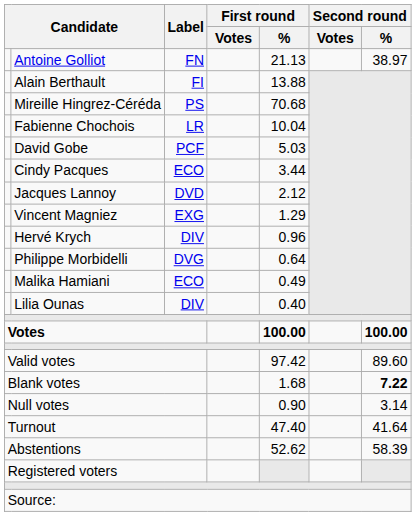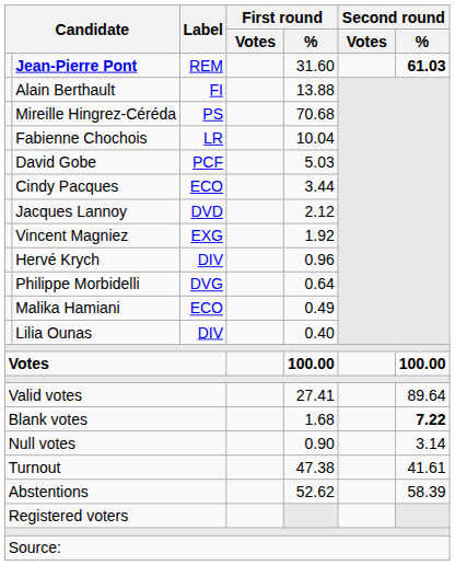 <table class="wikitable" style="text-align:right;font-size:95%;">
 <tr>
 <th rowspan="2" colspan="2">Candidate</th>
 <th rowspan="2">Label</th>
 <th colspan="2">First round</th>
 <th colspan="2">Second round</th>
 </tr>
 <tr>
 <th style="width:50px;">Votes</th>
 <th style="width:45px;">%</th>
 <th style="width:50px;">Votes</th>
 <th style="width:45px;">%</th>
 </tr>
 <tr>
 <td style="color:inherit;background:"></td>
-<td style="text-align:left;"><a href='#'>Antoine Golliot</a></td>
-<td><a href='#'>FN</a></td>
+<td style="text-align:left;"><strong><a href='#'>Jean-Pierre Pont</a></strong></td>
+<td><a href='#'>REM</a></td>
 <td></td>
-<td>21.13</td>
-<td></td>
-<td>38.97</td>
+<td>31.60</td>
+<td><strong></strong></td>
+<td><strong>61.03</strong></td>
 </tr>
 <tr>
 <td style="color:inherit;background:"></td>
 <td style="text-align:left;">Alain Berthault</td>
 <td><a href='#'>FI</a></td>
 <td></td>
 <td>13.88</td>
 <td colspan="2" rowspan="11" style="background:#E9E9E9;"></td>
 </tr>
 <tr>
 <td style="color:inherit;background:"></td>
 <td style="text-align:left;">Mireille Hingrez-Céréda</td>
 <td><a href='#'>PS</a></td>
 <td></td>
 <td>70.68</td>
 </tr>
 <tr>
 <td style="color:inherit;background:"></td>
 <td style="text-align:left;">Fabienne Chochois</td>
 <td><a href='#'>LR</a></td>
 <td></td>
 <td>10.04</td>
 </tr>
 <tr>
 <td style="color:inherit;background:"></td>
 <td style="text-align:left;">David Gobe</td>
 <td><a href='#'>PCF</a></td>
 <td></td>
 <td>5.03</td>
 </tr>
 <tr>
 <td style="color:inherit;background:"></td>
 <td style="text-align:left;">Cindy Pacques</td>
 <td><a href='#'>ECO</a></td>
 <td></td>
 <td>3.44</td>
 </tr>
 <tr>
 <td style="color:inherit;background:"></td>
 <td style="text-align:left;">Jacques Lannoy</td>
 <td><a href='#'>DVD</a></td>
 <td></td>
 <td>2.12</td>
 </tr>
 <tr>
 <td style="color:inherit;background:"></td>
 <td style="text-align:left;">Vincent Magniez</td>
 <td><a href='#'>EXG</a></td>
 <td></td>
-<td>1.29</td>
+<td>1.92</td>
 </tr>
 <tr>
 <td style="color:inherit;background:"></td>
 <td style="text-align:left;">Hervé Krych</td>
 <td><a href='#'>DIV</a></td>
 <td></td>
 <td>0.96</td>
 </tr>
 <tr>
 <td style="color:inherit;background:"></td>
 <td style="text-align:left;">Philippe Morbidelli</td>
 <td><a href='#'>DVG</a></td>
 <td></td>
 <td>0.64</td>
 </tr>
 <tr>
 <td style="color:inherit;background:"></td>
 <td style="text-align:left;">Malika Hamiani</td>
 <td><a href='#'>ECO</a></td>
 <td></td>
 <td>0.49</td>
 </tr>
 <tr>
 <td style="color:inherit;background:"></td>
 <td style="text-align:left;">Lilia Ounas</td>
 <td><a href='#'>DIV</a></td>
 <td></td>
 <td>0.40</td>
 </tr>
 <tr>
 <td colspan="7" style="background:#E9E9E9;"></td>
 </tr>
 <tr style="font-weight:bold;">
 <td colspan="3" style="text-align:left;">Votes</td>
 <td></td>
 <td>100.00</td>
 <td></td>
 <td>100.00</td>
 </tr>
 <tr>
 <td colspan="7" style="background:#E9E9E9;"></td>
 </tr>
 <tr>
 <td colspan="3" style="text-align:left;">Valid votes</td>
 <td></td>
-<td>97.42</td>
+<td>27.41</td>
 <td></td>
-<td>89.60</td>
+<td>89.64</td>
 </tr>
 <tr>
 <td colspan="3" style="text-align:left;">Blank votes</td>
 <td></td>
 <td>1.68</td>
 <td></td>
 <td><strong>7.22</strong></td>
 </tr>
 <tr>
 <td colspan="3" style="text-align:left;">Null votes</td>
 <td></td>
 <td>0.90</td>
 <td></td>
 <td>3.14</td>
 </tr>
 <tr>
 <td colspan="3" style="text-align:left;">Turnout</td>
 <td></td>
-<td>47.40</td>
+<td>47.38</td>
 <td></td>
-<td>41.64</td>
+<td>41.61</td>
 </tr>
 <tr>
 <td colspan="3" style="text-align:left;">Abstentions</td>
 <td></td>
 <td>52.62</td>
 <td></td>
 <td>58.39</td>
 </tr>
 <tr>
 <td colspan="3" style="text-align:left;">Registered voters</td>
 <td></td>
 <td style="background:#E9E9E9;"></td>
 <td></td>
 <td style="background:#E9E9E9;"></td>
 </tr>
 <tr>
 <td colspan="7" style="background:#E9E9E9;"></td>
 </tr>
 <tr>
 <td colspan="7" style="text-align:left;">Source: </td>
 </tr>
 </table>
